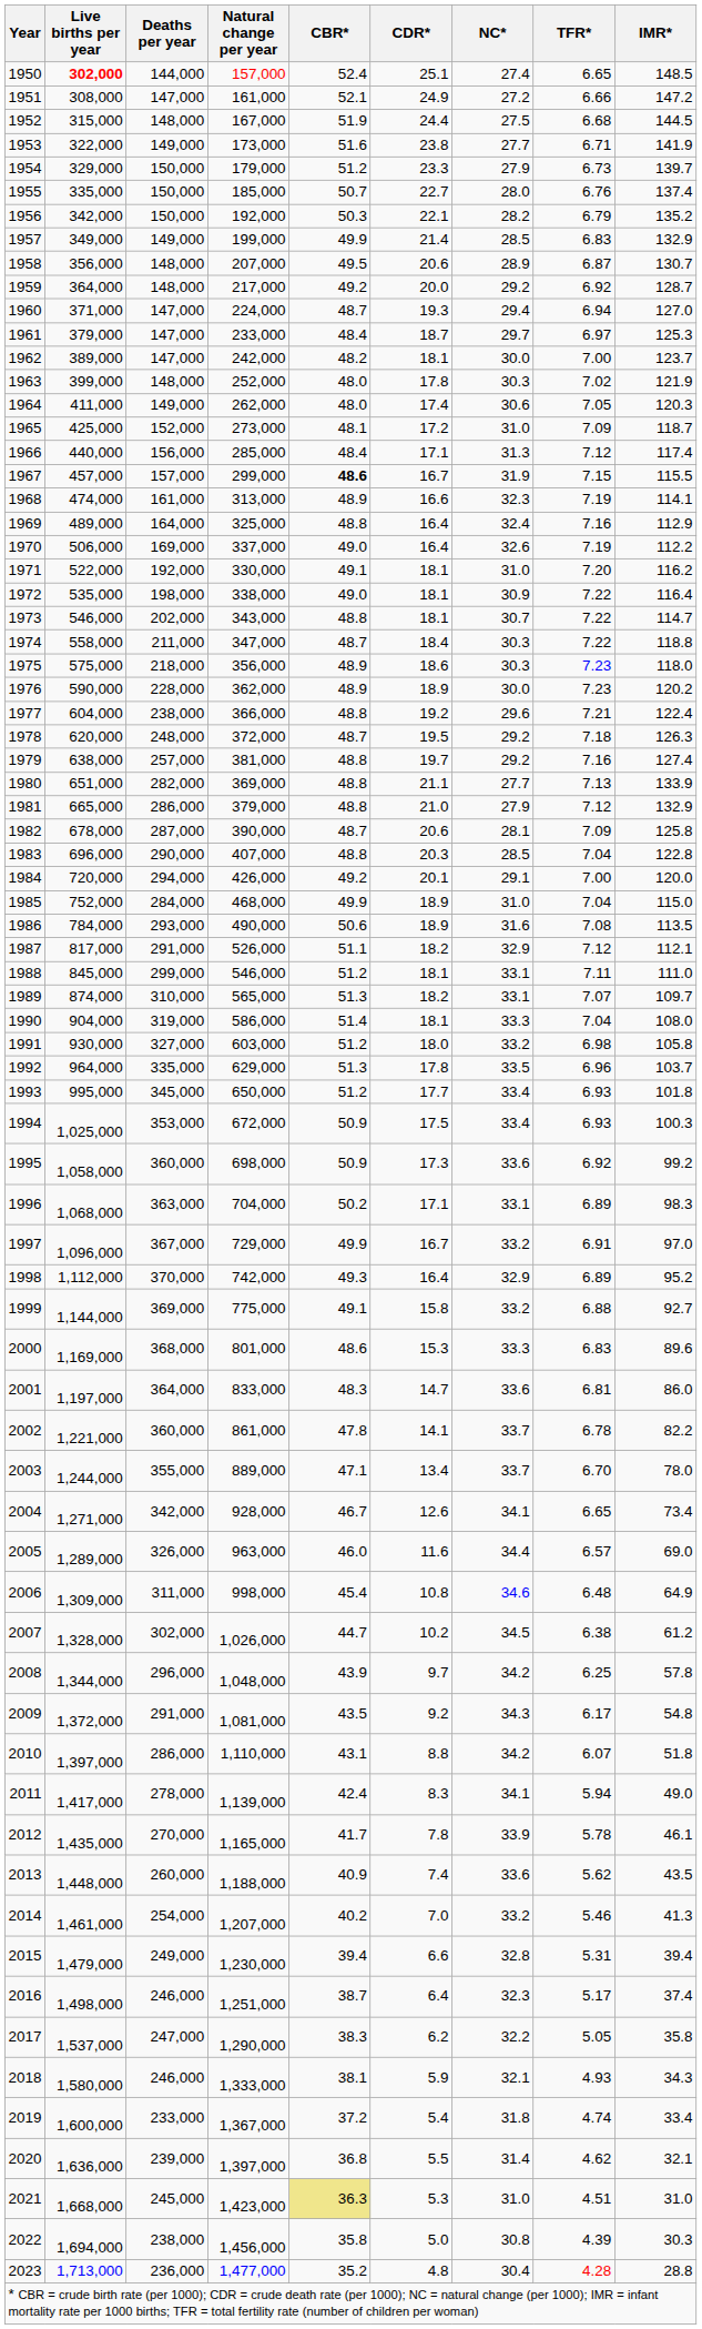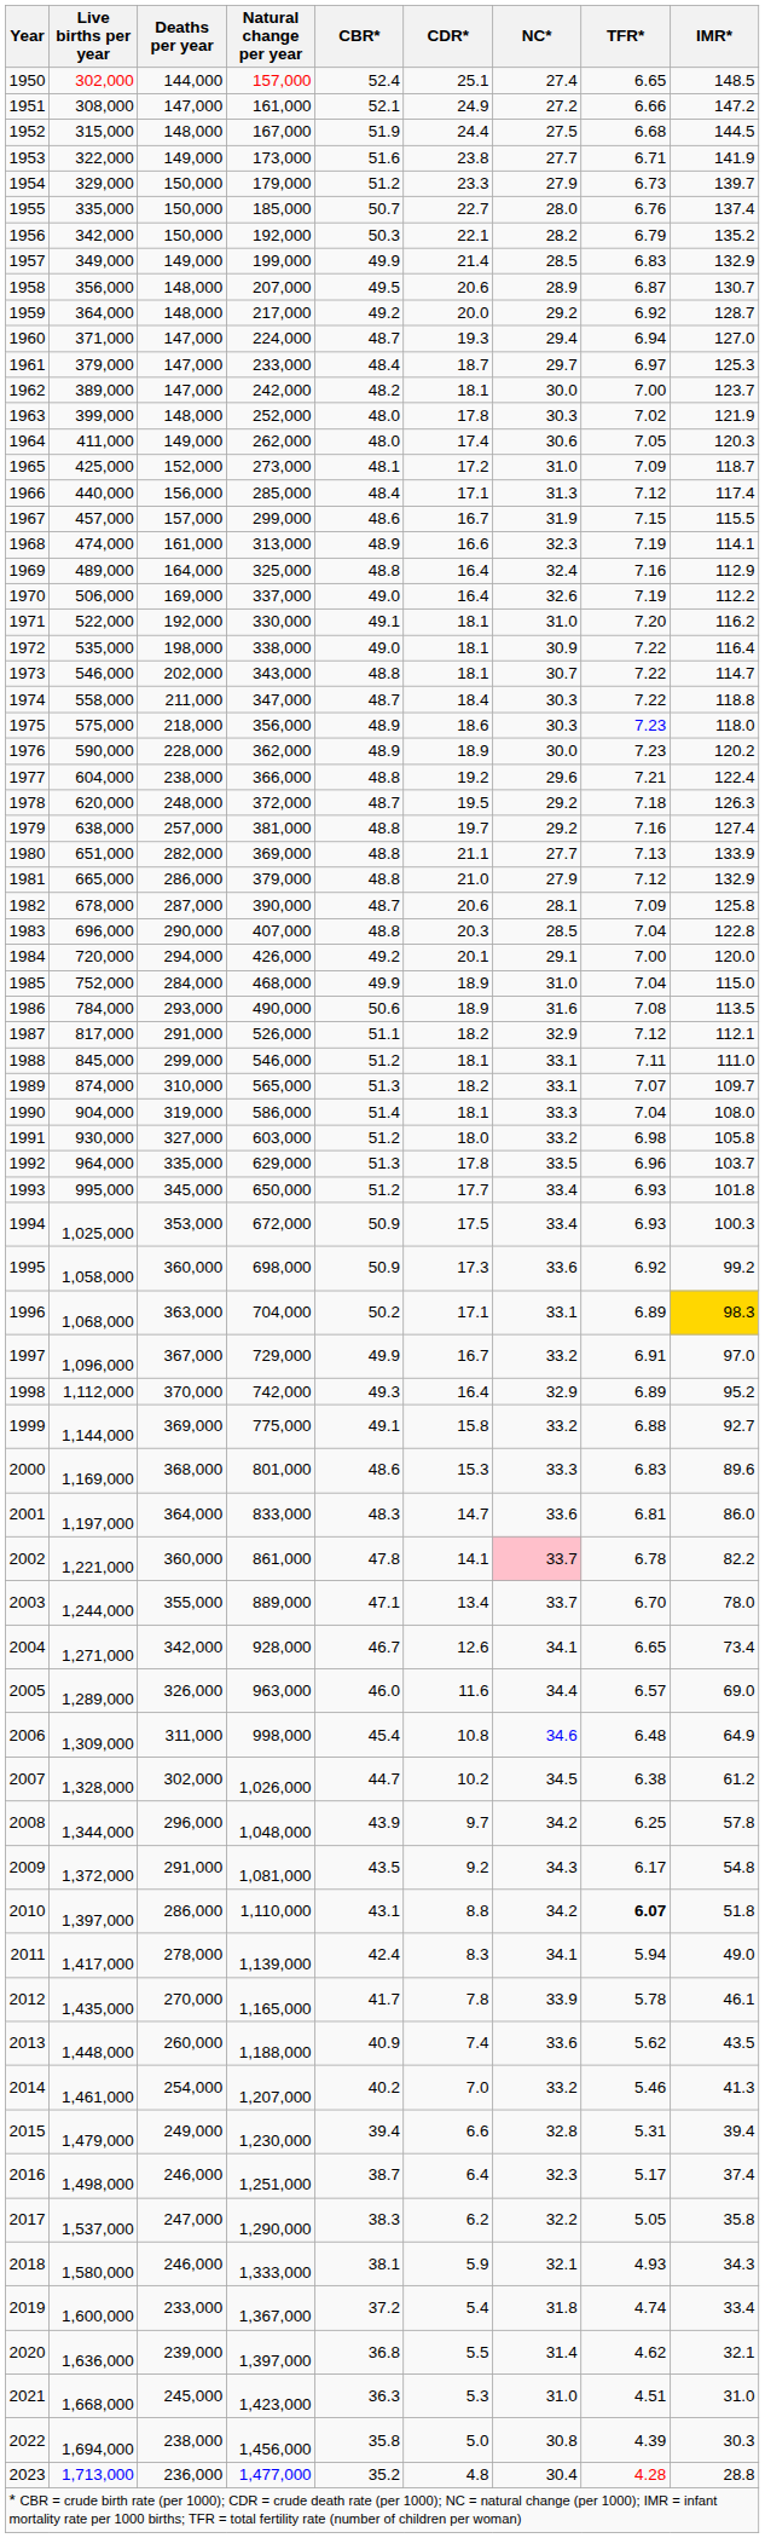 <table class="wikitable sortable" style="text-align: right">
 <tr>
 <th width="20pt">Year</th>
 <th width="80pt">Live births per year</th>
 <th width="80pt">Deaths per year</th>
 <th width="80pt">Natural change per year</th>
 <th width="80pt">CBR*</th>
 <th width="80pt">CDR*</th>
 <th width="80pt">NC*</th>
 <th width="80pt">TFR*</th>
 <th width="80pt">IMR*</th>
 </tr>
 <tr>
 <td>1950</td>
-<td style="color:red"><strong>302,000</strong></td>
+<td style="color:red">302,000</td>
 <td>   144,000</td>
 <td style="color:red">157,000</td>
 <td>52.4</td>
 <td>25.1</td>
 <td>27.4</td>
 <td>6.65</td>
 <td>148.5</td>
 </tr>
 <tr>
 <td>1951</td>
 <td>  308,000</td>
 <td>  147,000</td>
 <td>  161,000</td>
 <td>52.1</td>
 <td>24.9</td>
 <td>27.2</td>
 <td>6.66</td>
 <td>147.2</td>
 </tr>
 <tr>
 <td>1952</td>
 <td>  315,000</td>
 <td>  148,000</td>
 <td>  167,000</td>
 <td>51.9</td>
 <td>24.4</td>
 <td>27.5</td>
 <td>6.68</td>
 <td>144.5</td>
 </tr>
 <tr>
 <td>1953</td>
 <td>  322,000</td>
 <td>  149,000</td>
 <td>  173,000</td>
 <td>51.6</td>
 <td>23.8</td>
 <td>27.7</td>
 <td>6.71</td>
 <td>141.9</td>
 </tr>
 <tr>
 <td>1954</td>
 <td>  329,000</td>
 <td>  150,000</td>
 <td>  179,000</td>
 <td>51.2</td>
 <td>23.3</td>
 <td>27.9</td>
 <td>6.73</td>
 <td>139.7</td>
 </tr>
 <tr>
 <td>1955</td>
 <td>  335,000</td>
 <td>  150,000</td>
 <td>  185,000</td>
 <td>50.7</td>
 <td>22.7</td>
 <td>28.0</td>
 <td>6.76</td>
 <td>137.4</td>
 </tr>
 <tr>
 <td>1956</td>
 <td>  342,000</td>
 <td>  150,000</td>
 <td>  192,000</td>
 <td>50.3</td>
 <td>22.1</td>
 <td>28.2</td>
 <td>6.79</td>
 <td>135.2</td>
 </tr>
 <tr>
 <td>1957</td>
 <td>  349,000</td>
 <td>  149,000</td>
 <td>  199,000</td>
 <td>49.9</td>
 <td>21.4</td>
 <td>28.5</td>
 <td>6.83</td>
 <td>132.9</td>
 </tr>
 <tr>
 <td>1958</td>
 <td>  356,000</td>
 <td>  148,000</td>
 <td>  207,000</td>
 <td>49.5</td>
 <td>20.6</td>
 <td>28.9</td>
 <td>6.87</td>
 <td>130.7</td>
 </tr>
 <tr>
 <td>1959</td>
 <td>  364,000</td>
 <td>  148,000</td>
 <td>  217,000</td>
 <td>49.2</td>
 <td>20.0</td>
 <td>29.2</td>
 <td>6.92</td>
 <td>128.7</td>
 </tr>
 <tr>
 <td>1960</td>
 <td>  371,000</td>
 <td>  147,000</td>
 <td>  224,000</td>
 <td>48.7</td>
 <td>19.3</td>
 <td>29.4</td>
 <td>6.94</td>
 <td>127.0</td>
 </tr>
 <tr>
 <td>1961</td>
 <td>  379,000</td>
 <td>  147,000</td>
 <td>  233,000</td>
 <td>48.4</td>
 <td>18.7</td>
 <td>29.7</td>
 <td>6.97</td>
 <td>125.3</td>
 </tr>
 <tr>
 <td>1962</td>
 <td>  389,000</td>
 <td>  147,000</td>
 <td>  242,000</td>
 <td>48.2</td>
 <td>18.1</td>
 <td>30.0</td>
 <td>7.00</td>
 <td>123.7</td>
 </tr>
 <tr>
 <td>1963</td>
 <td>  399,000</td>
 <td>  148,000</td>
 <td>  252,000</td>
 <td>48.0</td>
 <td>17.8</td>
 <td>30.3</td>
 <td>7.02</td>
 <td>121.9</td>
 </tr>
 <tr>
 <td>1964</td>
 <td>  411,000</td>
 <td>  149,000</td>
 <td>  262,000</td>
 <td>48.0</td>
 <td>17.4</td>
 <td>30.6</td>
 <td>7.05</td>
 <td>120.3</td>
 </tr>
 <tr>
 <td>1965</td>
 <td>  425,000</td>
 <td>  152,000</td>
 <td>  273,000</td>
 <td>48.1</td>
 <td>17.2</td>
 <td>31.0</td>
 <td>7.09</td>
 <td>118.7</td>
 </tr>
 <tr>
 <td>1966</td>
 <td>  440,000</td>
 <td>  156,000</td>
 <td>  285,000</td>
 <td>48.4</td>
 <td>17.1</td>
 <td>31.3</td>
 <td>7.12</td>
 <td>117.4</td>
 </tr>
 <tr>
 <td>1967</td>
 <td>  457,000</td>
 <td>  157,000</td>
 <td>  299,000</td>
-<td><strong>48.6</strong></td>
+<td>48.6</td>
 <td>16.7</td>
 <td>31.9</td>
 <td>7.15</td>
 <td>115.5</td>
 </tr>
 <tr>
 <td>1968</td>
 <td>  474,000</td>
 <td>  161,000</td>
 <td>  313,000</td>
 <td>48.9</td>
 <td>16.6</td>
 <td>32.3</td>
 <td>7.19</td>
 <td>114.1</td>
 </tr>
 <tr>
 <td>1969</td>
 <td>  489,000</td>
 <td>  164,000</td>
 <td>  325,000</td>
 <td>48.8</td>
 <td>16.4</td>
 <td>32.4</td>
 <td>7.16</td>
 <td>112.9</td>
 </tr>
 <tr>
 <td>1970</td>
 <td>  506,000</td>
 <td>  169,000</td>
 <td>  337,000</td>
 <td>49.0</td>
 <td>16.4</td>
 <td>32.6</td>
 <td>7.19</td>
 <td>112.2</td>
 </tr>
 <tr>
 <td>1971</td>
 <td>  522,000</td>
 <td>  192,000</td>
 <td>  330,000</td>
 <td>49.1</td>
 <td>18.1</td>
 <td>31.0</td>
 <td>7.20</td>
 <td>116.2</td>
 </tr>
 <tr>
 <td>1972</td>
 <td>  535,000</td>
 <td>  198,000</td>
 <td>  338,000</td>
 <td>49.0</td>
 <td>18.1</td>
 <td>30.9</td>
 <td>7.22</td>
 <td>116.4</td>
 </tr>
 <tr>
 <td>1973</td>
 <td>  546,000</td>
 <td>  202,000</td>
 <td>  343,000</td>
 <td>48.8</td>
 <td>18.1</td>
 <td>30.7</td>
 <td>7.22</td>
 <td>114.7</td>
 </tr>
 <tr>
 <td>1974</td>
 <td>  558,000</td>
 <td>  211,000</td>
 <td>  347,000</td>
 <td>48.7</td>
 <td>18.4</td>
 <td>30.3</td>
 <td>7.22</td>
 <td>118.8</td>
 </tr>
 <tr>
 <td>1975</td>
 <td>  575,000</td>
 <td>  218,000</td>
 <td>  356,000</td>
 <td>48.9</td>
 <td>18.6</td>
 <td>30.3</td>
 <td style="color:blue">7.23</td>
 <td>118.0</td>
 </tr>
 <tr>
 <td>1976</td>
 <td>  590,000</td>
 <td>  228,000</td>
 <td>  362,000</td>
 <td>48.9</td>
 <td>18.9</td>
 <td>30.0</td>
 <td>7.23</td>
 <td>120.2</td>
 </tr>
 <tr>
 <td>1977</td>
 <td>  604,000</td>
 <td>  238,000</td>
 <td>  366,000</td>
 <td>48.8</td>
 <td>19.2</td>
 <td>29.6</td>
 <td>7.21</td>
 <td>122.4</td>
 </tr>
 <tr>
 <td>1978</td>
 <td>  620,000</td>
 <td>  248,000</td>
 <td>  372,000</td>
 <td>48.7</td>
 <td>19.5</td>
 <td>29.2</td>
 <td>7.18</td>
 <td>126.3</td>
 </tr>
 <tr>
 <td>1979</td>
 <td>  638,000</td>
 <td>  257,000</td>
 <td>  381,000</td>
 <td>48.8</td>
 <td>19.7</td>
 <td>29.2</td>
 <td>7.16</td>
 <td>127.4</td>
 </tr>
 <tr>
 <td>1980</td>
 <td>  651,000</td>
 <td>  282,000</td>
 <td>  369,000</td>
 <td>48.8</td>
 <td>21.1</td>
 <td>27.7</td>
 <td>7.13</td>
 <td>133.9</td>
 </tr>
 <tr>
 <td>1981</td>
 <td>  665,000</td>
 <td>  286,000</td>
 <td>  379,000</td>
 <td>48.8</td>
 <td>21.0</td>
 <td>27.9</td>
 <td>7.12</td>
 <td>132.9</td>
 </tr>
 <tr>
 <td>1982</td>
 <td>  678,000</td>
 <td>  287,000</td>
 <td>  390,000</td>
 <td>48.7</td>
 <td>20.6</td>
 <td>28.1</td>
 <td>7.09</td>
 <td>125.8</td>
 </tr>
 <tr>
 <td>1983</td>
 <td>  696,000</td>
 <td>  290,000</td>
 <td>  407,000</td>
 <td>48.8</td>
 <td>20.3</td>
 <td>28.5</td>
 <td>7.04</td>
 <td>122.8</td>
 </tr>
 <tr>
 <td>1984</td>
 <td>  720,000</td>
 <td>  294,000</td>
 <td>  426,000</td>
 <td>49.2</td>
 <td>20.1</td>
 <td>29.1</td>
 <td>7.00</td>
 <td>120.0</td>
 </tr>
 <tr>
 <td>1985</td>
 <td>  752,000</td>
 <td>  284,000</td>
 <td>  468,000</td>
 <td>49.9</td>
 <td>18.9</td>
 <td>31.0</td>
 <td>7.04</td>
 <td>115.0</td>
 </tr>
 <tr>
 <td>1986</td>
 <td>  784,000</td>
 <td>  293,000</td>
 <td>  490,000</td>
 <td>50.6</td>
 <td>18.9</td>
 <td>31.6</td>
 <td>7.08</td>
 <td>113.5</td>
 </tr>
 <tr>
 <td>1987</td>
 <td>  817,000</td>
 <td>  291,000</td>
 <td>  526,000</td>
 <td>51.1</td>
 <td>18.2</td>
 <td>32.9</td>
 <td>7.12</td>
 <td>112.1</td>
 </tr>
 <tr>
 <td>1988</td>
 <td>  845,000</td>
 <td>  299,000</td>
 <td>  546,000</td>
 <td>51.2</td>
 <td>18.1</td>
 <td>33.1</td>
 <td>7.11</td>
 <td>111.0</td>
 </tr>
 <tr>
 <td>1989</td>
 <td>  874,000</td>
 <td>  310,000</td>
 <td>  565,000</td>
 <td>51.3</td>
 <td>18.2</td>
 <td>33.1</td>
 <td>7.07</td>
 <td>109.7</td>
 </tr>
 <tr>
 <td>1990</td>
 <td>  904,000</td>
 <td>  319,000</td>
 <td>  586,000</td>
 <td>51.4</td>
 <td>18.1</td>
 <td>33.3</td>
 <td>7.04</td>
 <td>108.0</td>
 </tr>
 <tr>
 <td>1991</td>
 <td>  930,000</td>
 <td>  327,000</td>
 <td>  603,000</td>
 <td>51.2</td>
 <td>18.0</td>
 <td>33.2</td>
 <td>6.98</td>
 <td>105.8</td>
 </tr>
 <tr>
 <td>1992</td>
 <td>  964,000</td>
 <td>  335,000</td>
 <td>  629,000</td>
 <td>51.3</td>
 <td>17.8</td>
 <td>33.5</td>
 <td>6.96</td>
 <td>103.7</td>
 </tr>
 <tr>
 <td>1993</td>
 <td>  995,000</td>
 <td>  345,000</td>
 <td>  650,000</td>
 <td>51.2</td>
 <td>17.7</td>
 <td>33.4</td>
 <td>6.93</td>
 <td>101.8</td>
 </tr>
 <tr>
 <td>1994</td>
 <td>  1,025,000</td>
 <td>  353,000</td>
 <td>  672,000</td>
 <td>50.9</td>
 <td>17.5</td>
 <td>33.4</td>
 <td>6.93</td>
 <td>100.3</td>
 </tr>
 <tr>
 <td>1995</td>
 <td>  1,058,000</td>
 <td>  360,000</td>
 <td>  698,000</td>
 <td>50.9</td>
 <td>17.3</td>
 <td>33.6</td>
 <td>6.92</td>
 <td>99.2</td>
 </tr>
 <tr>
 <td>1996</td>
 <td>  1,068,000</td>
 <td>  363,000</td>
 <td>  704,000</td>
 <td>50.2</td>
 <td>17.1</td>
 <td>33.1</td>
 <td>6.89</td>
-<td>98.3</td>
+<td style="background: gold;">98.3</td>
 </tr>
 <tr>
 <td>1997</td>
 <td>  1,096,000</td>
 <td>  367,000</td>
 <td>  729,000</td>
 <td>49.9</td>
 <td>16.7</td>
 <td>33.2</td>
 <td>6.91</td>
 <td>97.0</td>
 </tr>
 <tr>
 <td>1998</td>
 <td>  1,112,000</td>
 <td>  370,000</td>
 <td>  742,000</td>
 <td>49.3</td>
 <td>16.4</td>
 <td>32.9</td>
 <td>6.89</td>
 <td>95.2</td>
 </tr>
 <tr>
 <td>1999</td>
 <td>  1,144,000</td>
 <td>  369,000</td>
 <td>  775,000</td>
 <td>49.1</td>
 <td>15.8</td>
 <td>33.2</td>
 <td>6.88</td>
 <td>92.7</td>
 </tr>
 <tr>
 <td>2000</td>
 <td>  1,169,000</td>
 <td>  368,000</td>
 <td>  801,000</td>
 <td>48.6</td>
 <td>15.3</td>
 <td>33.3</td>
 <td>6.83</td>
 <td>89.6</td>
 </tr>
 <tr>
 <td>2001</td>
 <td>  1,197,000</td>
 <td>  364,000</td>
 <td>  833,000</td>
 <td>48.3</td>
 <td>14.7</td>
 <td>33.6</td>
 <td>6.81</td>
 <td>86.0</td>
 </tr>
 <tr>
 <td>2002</td>
 <td>  1,221,000</td>
 <td>  360,000</td>
 <td>  861,000</td>
 <td>47.8</td>
 <td>14.1</td>
-<td>33.7</td>
+<td style="background: pink;">33.7</td>
 <td>6.78</td>
 <td>82.2</td>
 </tr>
 <tr>
 <td>2003</td>
 <td>  1,244,000</td>
 <td>  355,000</td>
 <td>  889,000</td>
 <td>47.1</td>
 <td>13.4</td>
 <td>33.7</td>
 <td>6.70</td>
 <td>78.0</td>
 </tr>
 <tr>
 <td>2004</td>
 <td>  1,271,000</td>
 <td>  342,000</td>
 <td>  928,000</td>
 <td>46.7</td>
 <td>12.6</td>
 <td>34.1</td>
 <td>6.65</td>
 <td>73.4</td>
 </tr>
 <tr>
 <td>2005</td>
 <td>  1,289,000</td>
 <td>  326,000</td>
 <td>  963,000</td>
 <td>46.0</td>
 <td>11.6</td>
 <td>34.4</td>
 <td>6.57</td>
 <td>69.0</td>
 </tr>
 <tr>
 <td>2006</td>
 <td>  1,309,000</td>
 <td>  311,000</td>
 <td>  998,000</td>
 <td>45.4</td>
 <td>10.8</td>
 <td style="color:blue">34.6</td>
 <td>6.48</td>
 <td>64.9</td>
 </tr>
 <tr>
 <td>2007</td>
 <td>  1,328,000</td>
 <td>  302,000</td>
 <td>  1,026,000</td>
 <td>44.7</td>
 <td>10.2</td>
 <td>34.5</td>
 <td>6.38</td>
 <td>61.2</td>
 </tr>
 <tr>
 <td>2008</td>
 <td>  1,344,000</td>
 <td>  296,000</td>
 <td>  1,048,000</td>
 <td>43.9</td>
 <td>9.7</td>
 <td>34.2</td>
 <td>6.25</td>
 <td>57.8</td>
 </tr>
 <tr>
 <td>2009</td>
 <td>  1,372,000</td>
 <td>  291,000</td>
 <td>  1,081,000</td>
 <td>43.5</td>
 <td>9.2</td>
 <td>34.3</td>
 <td>6.17</td>
 <td>54.8</td>
 </tr>
 <tr>
 <td>2010</td>
 <td>  1,397,000</td>
 <td>  286,000</td>
 <td>  1,110,000</td>
 <td>43.1</td>
 <td>8.8</td>
 <td>34.2</td>
-<td>6.07</td>
+<td><strong>6.07</strong></td>
 <td>51.8</td>
 </tr>
 <tr>
 <td>2011</td>
 <td>  1,417,000</td>
 <td>  278,000</td>
 <td>  1,139,000</td>
 <td>42.4</td>
 <td>8.3</td>
 <td>34.1</td>
 <td>5.94</td>
 <td>49.0</td>
 </tr>
 <tr>
 <td>2012</td>
 <td>  1,435,000</td>
 <td>  270,000</td>
 <td>  1,165,000</td>
 <td>41.7</td>
 <td>7.8</td>
 <td>33.9</td>
 <td>5.78</td>
 <td>46.1</td>
 </tr>
 <tr>
 <td>2013</td>
 <td>  1,448,000</td>
 <td>  260,000</td>
 <td>  1,188,000</td>
 <td>40.9</td>
 <td>7.4</td>
 <td>33.6</td>
 <td>5.62</td>
 <td>43.5</td>
 </tr>
 <tr>
 <td>2014</td>
 <td>  1,461,000</td>
 <td>  254,000</td>
 <td>  1,207,000</td>
 <td>40.2</td>
 <td>7.0</td>
 <td>33.2</td>
 <td>5.46</td>
 <td>41.3</td>
 </tr>
 <tr>
 <td>2015</td>
 <td>  1,479,000</td>
 <td>  249,000</td>
 <td>  1,230,000</td>
 <td>39.4</td>
 <td>6.6</td>
 <td>32.8</td>
 <td>5.31</td>
 <td>39.4</td>
 </tr>
 <tr>
 <td>2016</td>
 <td>  1,498,000</td>
 <td>  246,000</td>
 <td>  1,251,000</td>
 <td>38.7</td>
 <td>6.4</td>
 <td>32.3</td>
 <td>5.17</td>
 <td>37.4</td>
 </tr>
 <tr>
 <td>2017</td>
 <td>  1,537,000</td>
 <td>  247,000</td>
 <td>  1,290,000</td>
 <td>38.3</td>
 <td>6.2</td>
 <td>32.2</td>
 <td>5.05</td>
 <td>35.8</td>
 </tr>
 <tr>
 <td>2018</td>
 <td>  1,580,000</td>
 <td>  246,000</td>
 <td>  1,333,000</td>
 <td>38.1</td>
 <td>5.9</td>
 <td>32.1</td>
 <td>4.93</td>
 <td>34.3</td>
 </tr>
 <tr>
 <td>2019</td>
 <td>  1,600,000</td>
 <td>  233,000</td>
 <td>  1,367,000</td>
 <td>37.2</td>
 <td>5.4</td>
 <td>31.8</td>
 <td>4.74</td>
 <td>33.4</td>
 </tr>
 <tr>
 <td>2020</td>
 <td>  1,636,000</td>
 <td>  239,000</td>
 <td>  1,397,000</td>
 <td>36.8</td>
 <td>5.5</td>
 <td>31.4</td>
 <td>4.62</td>
 <td>32.1</td>
 </tr>
 <tr>
 <td>2021</td>
 <td>  1,668,000</td>
 <td>  245,000</td>
 <td>  1,423,000</td>
-<td style="background: khaki;">36.3</td>
+<td>36.3</td>
 <td>5.3</td>
 <td>31.0</td>
 <td>4.51</td>
 <td>31.0</td>
 </tr>
 <tr>
 <td>2022</td>
 <td>  1,694,000</td>
 <td>  238,000</td>
 <td>  1,456,000</td>
 <td>35.8</td>
 <td>5.0</td>
 <td>30.8</td>
 <td>4.39</td>
 <td>30.3</td>
 </tr>
 <tr>
 <td>2023</td>
 <td style="color:blue">1,713,000</td>
 <td>  236,000</td>
 <td style="color:blue">1,477,000</td>
 <td>35.2</td>
 <td>4.8</td>
 <td>30.4</td>
 <td style="color:red">4.28</td>
 <td>28.8</td>
 </tr>
 <tr>
 <td align="left" colspan="9">* <small> CBR = crude birth rate (per 1000); CDR = crude death rate (per 1000); NC = natural change (per 1000); IMR = infant mortality rate per 1000 births; TFR = total fertility rate (number of children per woman)</small></td>
 </tr>
 </table>
